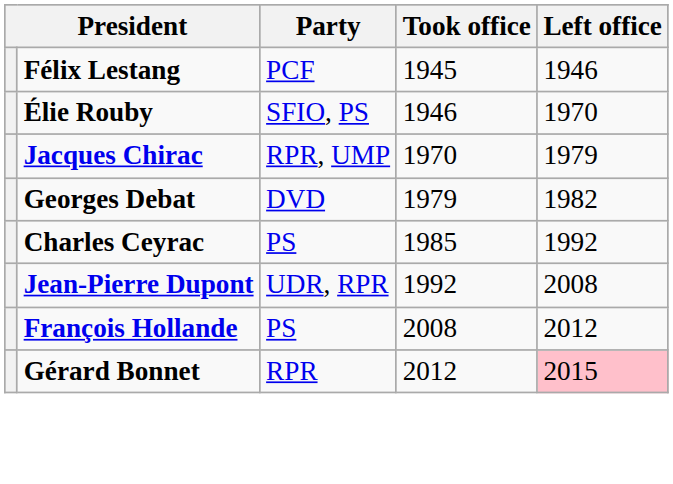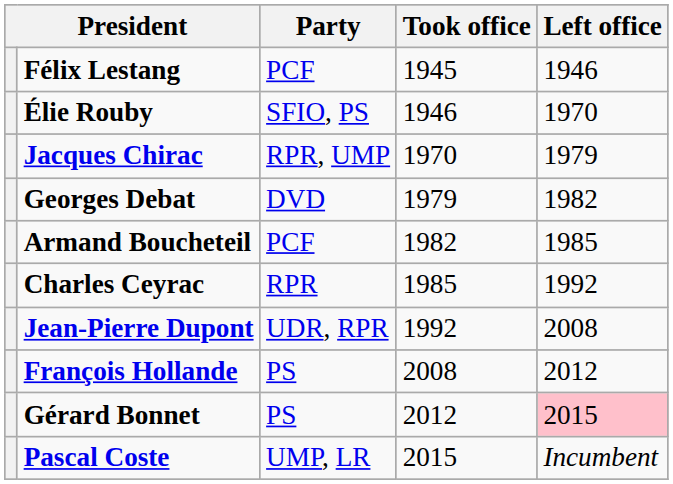 <table class="wikitable">
 <tr>
 <th colspan="2">President</th>
 <th>Party</th>
 <th>Took office</th>
 <th>Left office</th>
 </tr>
 <tr>
 <th style="background-color: "></th>
 <td><strong>Félix Lestang</strong></td>
 <td><a href='#'>PCF</a></td>
 <td>1945</td>
 <td>1946</td>
 </tr>
 <tr>
 <th style="background-color: "></th>
 <td><strong>Élie Rouby</strong></td>
 <td><a href='#'>SFIO</a>, <a href='#'>PS</a></td>
 <td>1946</td>
 <td>1970</td>
 </tr>
 <tr>
 <th style="background-color: "></th>
 <td><strong><a href='#'>Jacques Chirac</a></strong></td>
 <td><a href='#'>RPR</a>, <a href='#'>UMP</a></td>
 <td>1970</td>
 <td>1979</td>
 </tr>
 <tr>
 <th style="background-color: "></th>
 <td><strong>Georges Debat</strong></td>
 <td><a href='#'>DVD</a></td>
 <td>1979</td>
 <td>1982</td>
 </tr>
 <tr>
 <th style="background-color: "></th>
+<td><strong>Armand Boucheteil</strong></td>
+<td><a href='#'>PCF</a></td>
+<td>1982</td>
+<td>1985</td>
+</tr>
+<tr>
+<th style="background-color: "></th>
 <td><strong>Charles Ceyrac</strong></td>
-<td><a href='#'>PS</a></td>
+<td><a href='#'>RPR</a></td>
 <td>1985</td>
 <td>1992</td>
 </tr>
 <tr>
 <th style="background-color: "></th>
 <td><strong><a href='#'>Jean-Pierre Dupont</a></strong></td>
 <td><a href='#'>UDR</a>, <a href='#'>RPR</a></td>
 <td>1992</td>
 <td>2008</td>
 </tr>
 <tr>
 <th style="background-color: "></th>
 <td><strong><a href='#'>François Hollande</a></strong></td>
 <td><a href='#'>PS</a></td>
 <td>2008</td>
 <td>2012</td>
 </tr>
 <tr>
 <th style="background-color: "></th>
 <td><strong>Gérard Bonnet</strong></td>
-<td><a href='#'>RPR</a></td>
+<td><a href='#'>PS</a></td>
 <td>2012</td>
 <td style="background: pink;">2015</td>
 </tr>
+<tr>
+<th style="background-color: "></th>
+<td><strong><a href='#'>Pascal Coste</a></strong></td>
+<td><a href='#'>UMP</a>, <a href='#'>LR</a></td>
+<td>2015</td>
+<td><em>Incumbent</em></td>
+</tr>
 </table>
